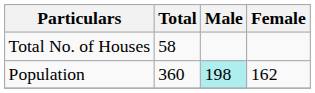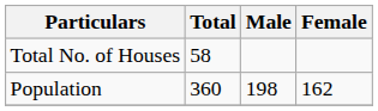 <table class="wikitable sortable">
 <tr>
 <th>Particulars</th>
 <th>Total</th>
 <th>Male</th>
 <th>Female</th>
 </tr>
 <tr>
 <td>Total No. of Houses</td>
 <td>58</td>
 <td></td>
 <td></td>
 </tr>
 <tr>
 <td>Population</td>
 <td>360</td>
-<td style="background: paleturquoise;">198</td>
+<td>198</td>
 <td>162</td>
 </tr>
 <tr>
 </tr>
 </table>
